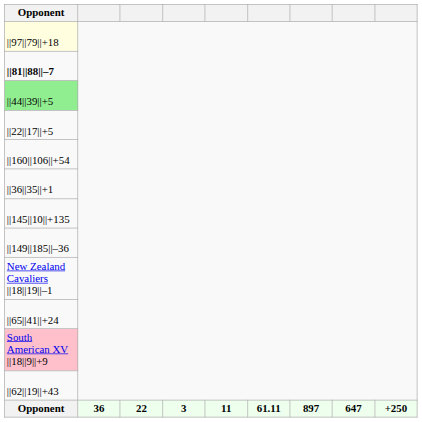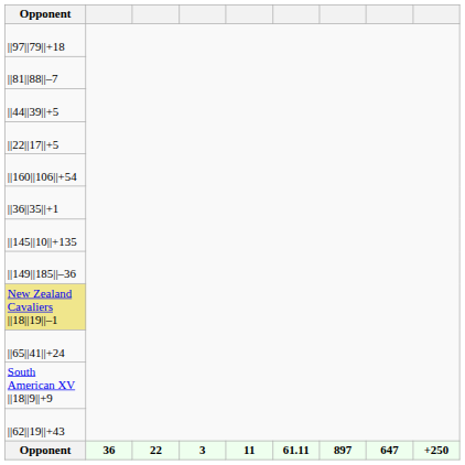 <table class="wikitable">
 <tr>
 <th>Opponent</th>
 <th width=55px></th>
 <th width=55px></th>
 <th width=55px></th>
 <th width=55px></th>
 <th width=55px></th>
 <th width=55px></th>
 <th width=55px></th>
 <th width=55px></th>
 </tr>
 <tr align=center>
-<td align=left style="background: lightyellow;"><br>||97||79||+18</td>
+<td align=left><br>||97||79||+18</td>
 </tr>
 <tr align=center>
-<td align=left><strong><br>||81||88||–7</strong></td>
+<td align=left><br>||81||88||–7</td>
 </tr>
 <tr align=center>
-<td align=left style="background: lightgreen;"><br>||44||39||+5</td>
+<td align=left><br>||44||39||+5</td>
 </tr>
 <tr align=center>
 <td align=left><br>||22||17||+5</td>
 </tr>
 <tr align=center>
 <td align=left><br>||160||106||+54</td>
 </tr>
 <tr align=center>
 <td align=left><br>||36||35||+1</td>
 </tr>
 <tr align=center>
 <td align=left><br>||145||10||+135</td>
 </tr>
 <tr align=center>
 <td align=left><br>||149||185||–36</td>
 </tr>
 <tr align=center>
-<td align=left> <a href='#'>New Zealand Cavaliers</a><br>||18||19||–1</td>
+<td align=left style="background: khaki;"> <a href='#'>New Zealand Cavaliers</a><br>||18||19||–1</td>
 </tr>
 <tr align=center>
 <td align=left><br>||65||41||+24</td>
 </tr>
 <tr align=center>
-<td align=left style="background: pink;"><a href='#'>South American XV</a><br>||18||9||+9</td>
+<td align=left><a href='#'>South American XV</a><br>||18||9||+9</td>
 </tr>
 <tr align=center>
 <td align=left><br>||62||19||+43</td>
 </tr>
 <tr align=center bgcolor=#EEFFEE>
 <th rowspan=2>Opponent</th>
 <td><strong>36</strong></td>
 <td><strong>22</strong></td>
 <td><strong>3</strong></td>
 <td><strong>11</strong></td>
 <td><strong>61.11</strong></td>
 <td><strong>897</strong></td>
 <td><strong>647</strong></td>
 <td><strong>+250</strong></td>
 </tr>
 </table>
